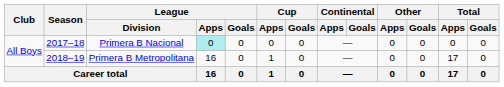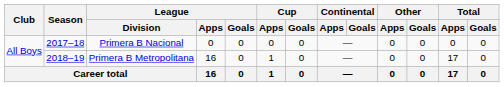 <table class="wikitable" style="text-align:center">
 <tr>
 <th rowspan="2">Club</th>
 <th rowspan="2">Season</th>
 <th colspan="3">League</th>
 <th colspan="2">Cup</th>
 <th colspan="2">Continental</th>
 <th colspan="2">Other</th>
 <th colspan="2">Total</th>
 </tr>
 <tr>
 <th>Division</th>
 <th>Apps</th>
 <th>Goals</th>
 <th>Apps</th>
 <th>Goals</th>
 <th>Apps</th>
 <th>Goals</th>
 <th>Apps</th>
 <th>Goals</th>
 <th>Apps</th>
 <th>Goals</th>
 </tr>
 <tr>
 <td rowspan="2"><a href='#'>All Boys</a></td>
 <td><a href='#'>2017–18</a></td>
 <td rowspan="1"><a href='#'>Primera B Nacional</a></td>
-<td style="background: paleturquoise;">0</td>
+<td>0</td>
 <td>0</td>
 <td>0</td>
 <td>0</td>
 <td colspan="2">—</td>
 <td>0</td>
 <td>0</td>
 <td>0</td>
 <td>0</td>
 </tr>
 <tr>
 <td><a href='#'>2018–19</a></td>
 <td rowspan="1"><a href='#'>Primera B Metropolitana</a></td>
 <td>16</td>
 <td>0</td>
 <td>1</td>
 <td>0</td>
 <td colspan="2">—</td>
 <td>0</td>
 <td>0</td>
 <td>17</td>
 <td>0</td>
 </tr>
 <tr>
 <th colspan="3">Career total</th>
 <th>16</th>
 <th>0</th>
 <th>1</th>
 <th>0</th>
 <th colspan="2">—</th>
 <th>0</th>
 <th>0</th>
 <th>17</th>
 <th>0</th>
 </tr>
 </table>
